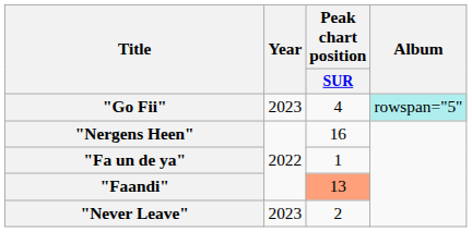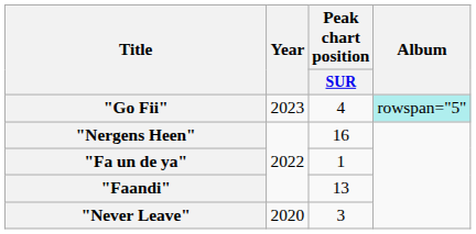 <table class="wikitable plainrowheaders" style="text-align:center;">
 <tr>
 <th scope="col" rowspan="2" style="width:15em;">Title</th>
 <th scope="col" rowspan="2" style="width:1em;">Year</th>
 <th>Peak chart position</th>
 <th scope="col" rowspan="2">Album</th>
 </tr>
 <tr>
 <th scope="col" style="width:3em;font-size:90%;"><a href='#'>SUR</a><br></th>
 </tr>
 <tr>
 <th scope="row">"Go Fii"</th>
 <td>2023</td>
 <td>4</td>
 <td style="background: paleturquoise;">rowspan="5" </td>
 </tr>
 <tr>
 <th scope="row">"Nergens Heen"</th>
 <td rowspan="3">2022</td>
 <td>16</td>
 </tr>
 <tr>
 <th scope="row">"Fa un de ya"<br></th>
 <td>1</td>
 </tr>
 <tr>
 <th scope="row">"Faandi"<br></th>
-<td style="background: lightsalmon;">13</td>
+<td>13</td>
 </tr>
 <tr>
 <th scope="row">"Never Leave"</th>
-<td>2023</td>
-<td>2</td>
+<td>2020</td>
+<td>3</td>
 </tr>
 </table>
